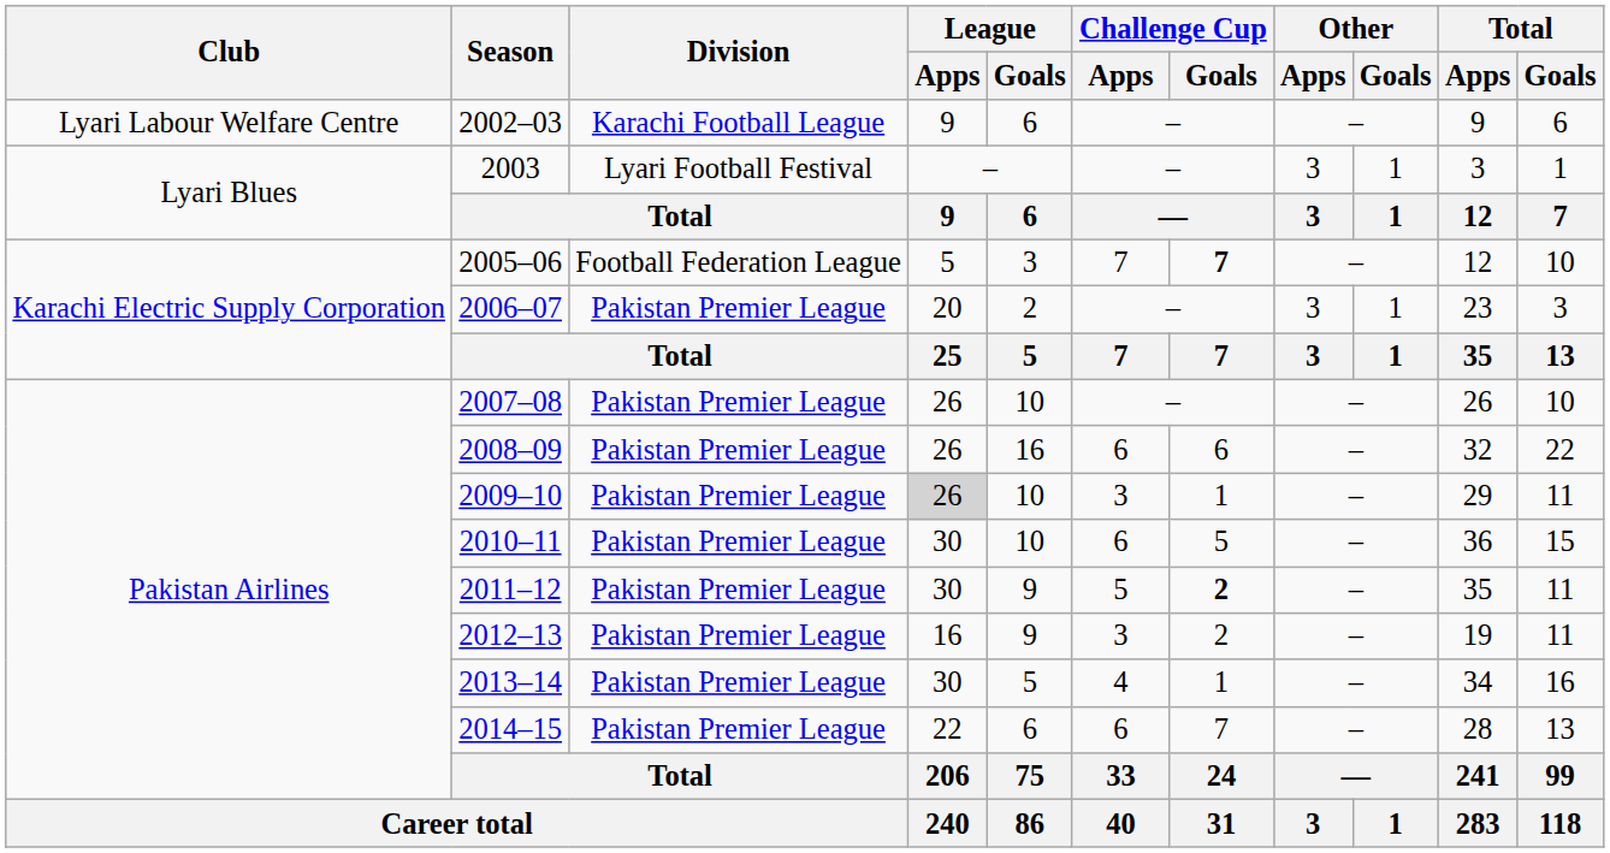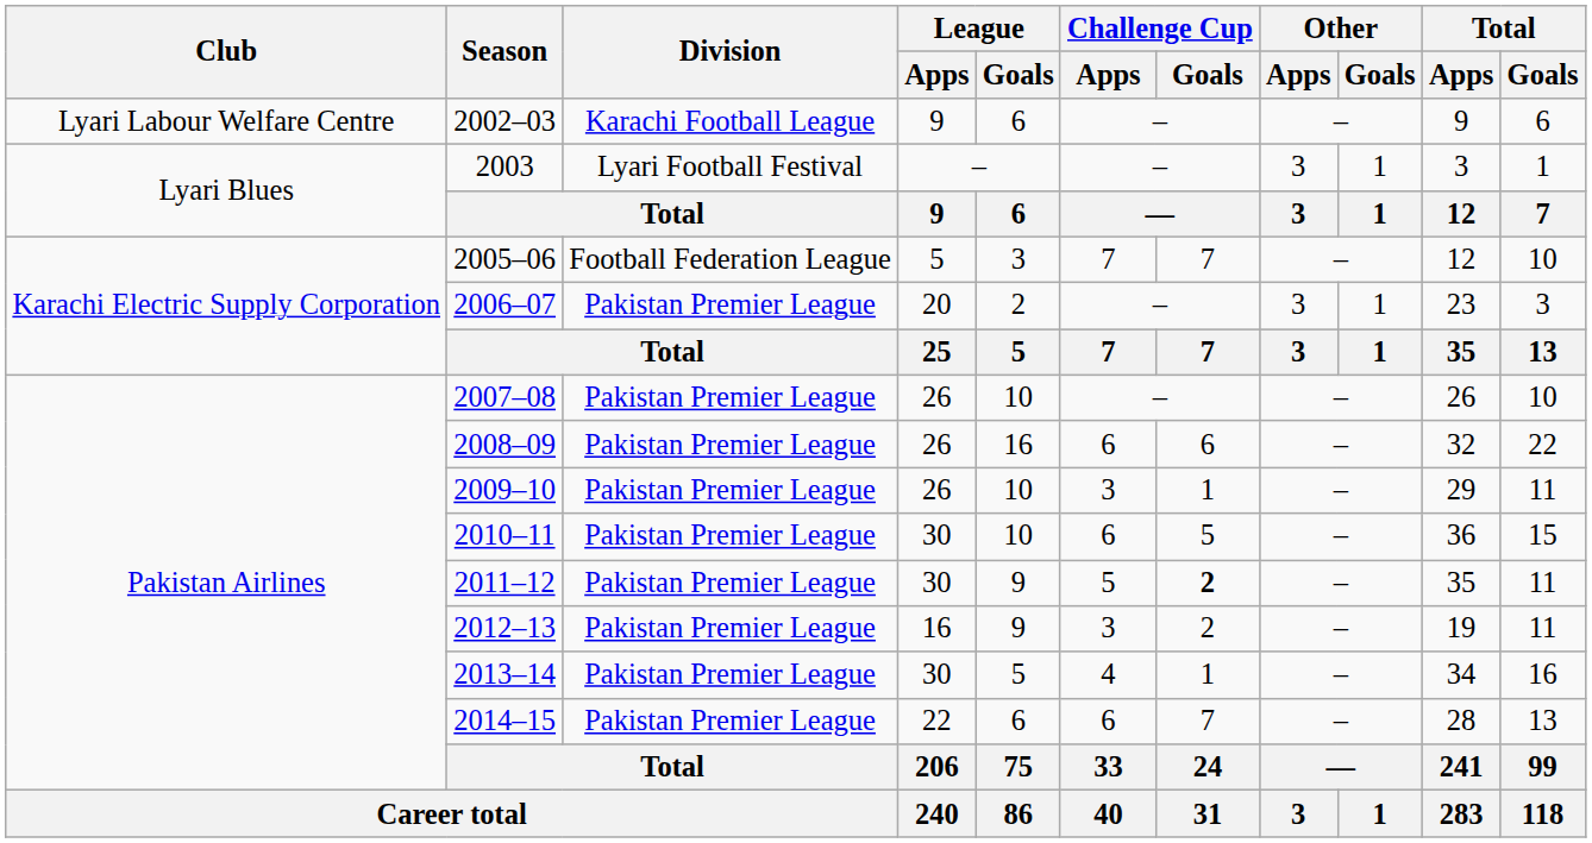 <table class="wikitable" style="text-align: center;">
 <tr>
 <th rowspan="2">Club</th>
 <th rowspan="2">Season</th>
 <th rowspan="2">Division</th>
 <th colspan="2">League</th>
 <th colspan="2"><a href='#'>Challenge Cup</a></th>
 <th colspan="2">Other</th>
 <th colspan="2">Total</th>
 </tr>
 <tr>
 <th>Apps</th>
 <th>Goals</th>
 <th>Apps</th>
 <th>Goals</th>
 <th>Apps</th>
 <th>Goals</th>
 <th>Apps</th>
 <th>Goals</th>
 </tr>
 <tr>
 <td>Lyari Labour Welfare Centre</td>
 <td>2002–03</td>
 <td><a href='#'>Karachi Football League</a></td>
 <td>9</td>
 <td>6</td>
 <td colspan="2">–</td>
 <td colspan="2">–</td>
 <td>9</td>
 <td>6</td>
 </tr>
 <tr>
 <td rowspan="2">Lyari Blues</td>
 <td>2003</td>
 <td>Lyari Football Festival</td>
 <td colspan="2">–</td>
 <td colspan="2">–</td>
 <td>3</td>
 <td>1</td>
 <td>3</td>
 <td>1</td>
 </tr>
 <tr>
 <th colspan="2">Total</th>
 <th>9</th>
 <th>6</th>
 <th colspan="2">—</th>
 <th>3</th>
 <th>1</th>
 <th>12</th>
 <th>7</th>
 </tr>
 <tr>
 <td rowspan="3"><a href='#'>Karachi Electric Supply Corporation</a></td>
 <td>2005–06</td>
 <td>Football Federation League</td>
 <td>5</td>
 <td>3</td>
 <td>7</td>
-<td><strong>7</strong></td>
+<td>7</td>
 <td colspan="2">–</td>
 <td>12</td>
 <td>10</td>
 </tr>
 <tr>
 <td><a href='#'>2006–07</a></td>
 <td><a href='#'>Pakistan Premier League</a></td>
 <td>20</td>
 <td>2</td>
 <td colspan="2">–</td>
 <td>3</td>
 <td>1</td>
 <td>23</td>
 <td>3</td>
 </tr>
 <tr>
 <th colspan="2">Total</th>
 <th>25</th>
 <th>5</th>
 <th>7</th>
 <th>7</th>
 <th>3</th>
 <th>1</th>
 <th>35</th>
 <th>13</th>
 </tr>
 <tr>
 <td rowspan="9"><a href='#'>Pakistan Airlines</a></td>
 <td><a href='#'>2007–08</a></td>
 <td><a href='#'>Pakistan Premier League</a></td>
 <td>26</td>
 <td>10</td>
 <td colspan="2">–</td>
 <td colspan="2">–</td>
 <td>26</td>
 <td>10</td>
 </tr>
 <tr>
 <td><a href='#'>2008–09</a></td>
 <td><a href='#'>Pakistan Premier League</a></td>
 <td>26</td>
 <td>16</td>
 <td>6</td>
 <td>6</td>
 <td colspan="2">–</td>
 <td>32</td>
 <td>22</td>
 </tr>
 <tr>
 <td><a href='#'>2009–10</a></td>
 <td><a href='#'>Pakistan Premier League</a></td>
-<td style="background: lightgrey;">26</td>
+<td>26</td>
 <td>10</td>
 <td>3</td>
 <td>1</td>
 <td colspan="2">–</td>
 <td>29</td>
 <td>11</td>
 </tr>
 <tr>
 <td><a href='#'>2010–11</a></td>
 <td><a href='#'>Pakistan Premier League</a></td>
 <td>30</td>
 <td>10</td>
 <td>6</td>
 <td>5</td>
 <td colspan="2">–</td>
 <td>36</td>
 <td>15</td>
 </tr>
 <tr>
 <td><a href='#'>2011–12</a></td>
 <td><a href='#'>Pakistan Premier League</a></td>
 <td>30</td>
 <td>9</td>
 <td>5</td>
 <td><strong>2</strong></td>
 <td colspan="2">–</td>
 <td>35</td>
 <td>11</td>
 </tr>
 <tr>
 <td><a href='#'>2012–13</a></td>
 <td><a href='#'>Pakistan Premier League</a></td>
 <td>16</td>
 <td>9</td>
 <td>3</td>
 <td>2</td>
 <td colspan="2">–</td>
 <td>19</td>
 <td>11</td>
 </tr>
 <tr>
 <td><a href='#'>2013–14</a></td>
 <td><a href='#'>Pakistan Premier League</a></td>
 <td>30</td>
 <td>5</td>
 <td>4</td>
 <td>1</td>
 <td colspan="2">–</td>
 <td>34</td>
 <td>16</td>
 </tr>
 <tr>
 <td><a href='#'>2014–15</a></td>
 <td><a href='#'>Pakistan Premier League</a></td>
 <td>22</td>
 <td>6</td>
 <td>6</td>
 <td>7</td>
 <td colspan="2">–</td>
 <td>28</td>
 <td>13</td>
 </tr>
 <tr>
 <th colspan="2">Total</th>
 <th>206</th>
 <th>75</th>
 <th>33</th>
 <th>24</th>
 <th colspan="2">—</th>
 <th>241</th>
 <th>99</th>
 </tr>
 <tr>
 <th colspan=3>Career total</th>
 <th>240</th>
 <th>86</th>
 <th>40</th>
 <th>31</th>
 <th>3</th>
 <th>1</th>
 <th>283</th>
 <th>118</th>
 </tr>
 </table>
